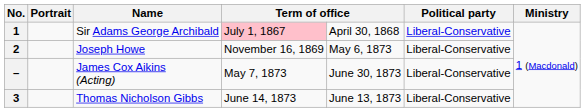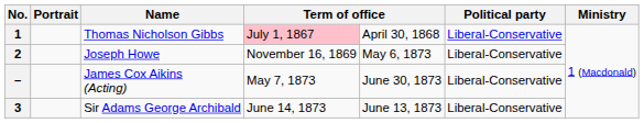 <table class="wikitable">
 <tr>
 <th>No.</th>
 <th>Portrait</th>
 <th>Name</th>
 <th colspan=2>Term of office</th>
 <th>Political party</th>
 <th>Ministry</th>
 </tr>
 <tr>
 <th style="background:">1</th>
 <td></td>
-<td>Sir <a href='#'>Adams George Archibald</a></td>
+<td><a href='#'>Thomas Nicholson Gibbs</a></td>
 <td style="background: pink;">July 1, 1867</td>
 <td>April 30, 1868</td>
 <td><a href='#'>Liberal-Conservative</a></td>
 <td rowspan=4><a href='#'>1</a> <small>(<a href='#'>Macdonald</a>)</small></td>
 </tr>
 <tr>
 <th style="background:">2</th>
 <td></td>
 <td><a href='#'>Joseph Howe</a></td>
 <td>November 16, 1869</td>
 <td>May 6, 1873</td>
 <td>Liberal-Conservative</td>
 </tr>
 <tr>
 <th style="background:">–</th>
 <td></td>
 <td><a href='#'>James Cox Aikins</a><br><em>(Acting)</em></td>
 <td>May 7, 1873</td>
 <td>June 30, 1873</td>
 <td>Liberal-Conservative</td>
 </tr>
 <tr>
 <th style="background:">3</th>
 <td></td>
-<td><a href='#'>Thomas Nicholson Gibbs</a></td>
+<td>Sir <a href='#'>Adams George Archibald</a></td>
 <td>June 14, 1873</td>
 <td>June 13, 1873</td>
 <td>Liberal-Conservative</td>
 </tr>
 </table>
